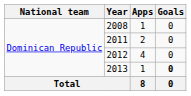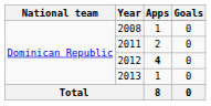 <table class="wikitable" style="text-align: center;">
 <tr>
 <th>National team</th>
 <th>Year</th>
 <th>Apps</th>
 <th>Goals</th>
 </tr>
 <tr>
 <td rowspan="5" valign="center"><a href='#'>Dominican Republic</a></td>
 </tr>
 <tr>
 <td>2008</td>
 <td>1</td>
 <td>0</td>
 </tr>
 <tr>
 <td>2011</td>
 <td>2</td>
 <td>0</td>
 </tr>
 <tr>
 <td>2012</td>
-<td>4</td>
+<td><strong>4</strong></td>
 <td>0</td>
 </tr>
 <tr>
 <td>2013</td>
 <td>1</td>
-<td><strong>0</strong></td>
+<td>0</td>
 </tr>
 <tr>
 <th colspan="2">Total</th>
 <th>8</th>
 <th>0</th>
 </tr>
 </table>
